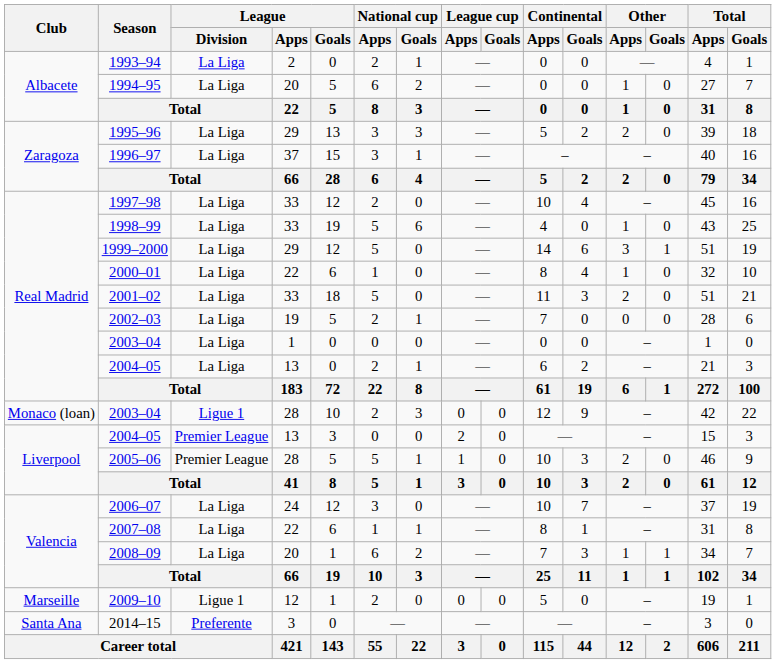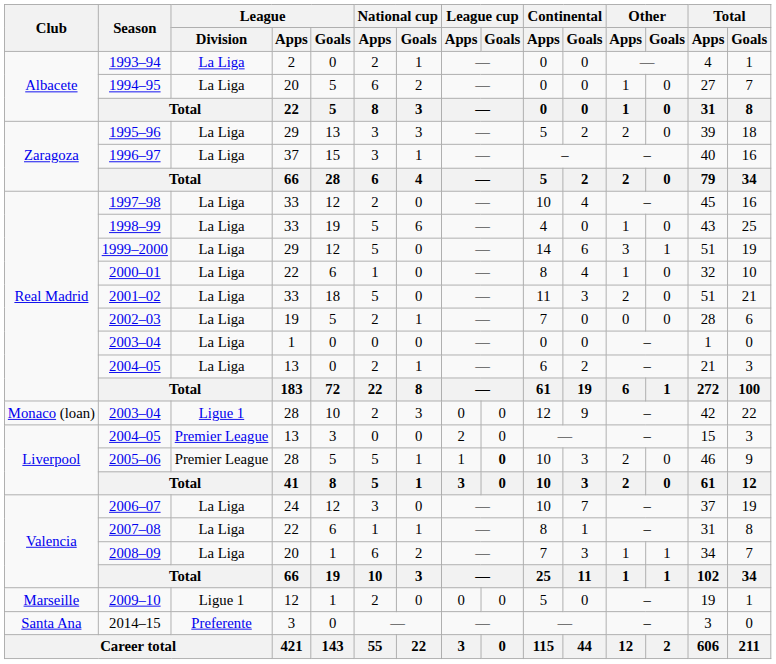 <table class="wikitable" style="text-align:center">
 <tr>
 <th rowspan="2">Club</th>
 <th rowspan="2">Season</th>
 <th colspan="3">League</th>
 <th colspan="2">National cup</th>
 <th colspan="2">League cup</th>
 <th colspan="2">Continental</th>
 <th colspan="2">Other</th>
 <th colspan="2">Total</th>
 </tr>
 <tr>
 <th>Division</th>
 <th>Apps</th>
 <th>Goals</th>
 <th>Apps</th>
 <th>Goals</th>
 <th>Apps</th>
 <th>Goals</th>
 <th>Apps</th>
 <th>Goals</th>
 <th>Apps</th>
 <th>Goals</th>
 <th>Apps</th>
 <th>Goals</th>
 </tr>
 <tr>
 <td rowspan="3"><a href='#'>Albacete</a></td>
 <td><a href='#'>1993–94</a></td>
 <td><a href='#'>La Liga</a></td>
 <td>2</td>
 <td>0</td>
 <td>2</td>
 <td>1</td>
 <td colspan="2">—</td>
 <td>0</td>
 <td>0</td>
 <td colspan="2">—</td>
 <td>4</td>
 <td>1</td>
 </tr>
 <tr>
 <td><a href='#'>1994–95</a></td>
 <td>La Liga</td>
 <td>20</td>
 <td>5</td>
 <td>6</td>
 <td>2</td>
 <td colspan="2">—</td>
 <td>0</td>
 <td>0</td>
 <td>1</td>
 <td>0</td>
 <td>27</td>
 <td>7</td>
 </tr>
 <tr>
 <th colspan="2">Total</th>
 <th>22</th>
 <th>5</th>
 <th>8</th>
 <th>3</th>
 <th colspan="2">—</th>
 <th>0</th>
 <th>0</th>
 <th>1</th>
 <th>0</th>
 <th>31</th>
 <th>8</th>
 </tr>
 <tr>
 <td rowspan="3"><a href='#'>Zaragoza</a></td>
 <td><a href='#'>1995–96</a></td>
 <td>La Liga</td>
 <td>29</td>
 <td>13</td>
 <td>3</td>
 <td>3</td>
 <td colspan="2">—</td>
 <td>5</td>
 <td>2</td>
 <td>2</td>
 <td>0</td>
 <td>39</td>
 <td>18</td>
 </tr>
 <tr>
 <td><a href='#'>1996–97</a></td>
 <td>La Liga</td>
 <td>37</td>
 <td>15</td>
 <td>3</td>
 <td>1</td>
 <td colspan="2">—</td>
 <td colspan="2">–</td>
 <td colspan="2">–</td>
 <td>40</td>
 <td>16</td>
 </tr>
 <tr>
 <th colspan="2">Total</th>
 <th>66</th>
 <th>28</th>
 <th>6</th>
 <th>4</th>
 <th colspan="2">—</th>
 <th>5</th>
 <th>2</th>
 <th>2</th>
 <th>0</th>
 <th>79</th>
 <th>34</th>
 </tr>
 <tr>
 <td rowspan="9"><a href='#'>Real Madrid</a></td>
 <td><a href='#'>1997–98</a></td>
 <td>La Liga</td>
 <td>33</td>
 <td>12</td>
 <td>2</td>
 <td>0</td>
 <td colspan="2">—</td>
 <td>10</td>
 <td>4</td>
 <td colspan="2">–</td>
 <td>45</td>
 <td>16</td>
 </tr>
 <tr>
 <td><a href='#'>1998–99</a></td>
 <td>La Liga</td>
 <td>33</td>
 <td>19</td>
 <td>5</td>
 <td>6</td>
 <td colspan="2">—</td>
 <td>4</td>
 <td>0</td>
 <td>1</td>
 <td>0</td>
 <td>43</td>
 <td>25</td>
 </tr>
 <tr>
 <td><a href='#'>1999–2000</a></td>
 <td>La Liga</td>
 <td>29</td>
 <td>12</td>
 <td>5</td>
 <td>0</td>
 <td colspan="2">—</td>
 <td>14</td>
 <td>6</td>
 <td>3</td>
 <td>1</td>
 <td>51</td>
 <td>19</td>
 </tr>
 <tr>
 <td><a href='#'>2000–01</a></td>
 <td>La Liga</td>
 <td>22</td>
 <td>6</td>
 <td>1</td>
 <td>0</td>
 <td colspan="2">—</td>
 <td>8</td>
 <td>4</td>
 <td>1</td>
 <td>0</td>
 <td>32</td>
 <td>10</td>
 </tr>
 <tr>
 <td><a href='#'>2001–02</a></td>
 <td>La Liga</td>
 <td>33</td>
 <td>18</td>
 <td>5</td>
 <td>0</td>
 <td colspan="2">—</td>
 <td>11</td>
 <td>3</td>
 <td>2</td>
 <td>0</td>
 <td>51</td>
 <td>21</td>
 </tr>
 <tr>
 <td><a href='#'>2002–03</a></td>
 <td>La Liga</td>
 <td>19</td>
 <td>5</td>
 <td>2</td>
 <td>1</td>
 <td colspan="2">—</td>
 <td>7</td>
 <td>0</td>
 <td>0</td>
 <td>0</td>
 <td>28</td>
 <td>6</td>
 </tr>
 <tr>
 <td><a href='#'>2003–04</a></td>
 <td>La Liga</td>
 <td>1</td>
 <td>0</td>
 <td>0</td>
 <td>0</td>
 <td colspan="2">—</td>
 <td>0</td>
 <td>0</td>
 <td colspan="2">–</td>
 <td>1</td>
 <td>0</td>
 </tr>
 <tr>
 <td><a href='#'>2004–05</a></td>
 <td>La Liga</td>
 <td>13</td>
 <td>0</td>
 <td>2</td>
 <td>1</td>
 <td colspan="2">—</td>
 <td>6</td>
 <td>2</td>
 <td colspan="2">–</td>
 <td>21</td>
 <td>3</td>
 </tr>
 <tr>
 <th colspan="2">Total</th>
 <th>183</th>
 <th>72</th>
 <th>22</th>
 <th>8</th>
 <th colspan="2">—</th>
 <th>61</th>
 <th>19</th>
 <th>6</th>
 <th>1</th>
 <th>272</th>
 <th>100</th>
 </tr>
 <tr>
 <td><a href='#'>Monaco</a> (loan)</td>
 <td><a href='#'>2003–04</a></td>
 <td><a href='#'>Ligue 1</a></td>
 <td>28</td>
 <td>10</td>
 <td>2</td>
 <td>3</td>
 <td>0</td>
 <td>0</td>
 <td>12</td>
 <td>9</td>
 <td colspan="2">–</td>
 <td>42</td>
 <td>22</td>
 </tr>
 <tr>
 <td rowspan="3"><a href='#'>Liverpool</a></td>
 <td><a href='#'>2004–05</a></td>
 <td><a href='#'>Premier League</a></td>
 <td>13</td>
 <td>3</td>
 <td>0</td>
 <td>0</td>
 <td>2</td>
 <td>0</td>
 <td colspan="2">—</td>
 <td colspan="2">–</td>
 <td>15</td>
 <td>3</td>
 </tr>
 <tr>
 <td><a href='#'>2005–06</a></td>
 <td>Premier League</td>
 <td>28</td>
 <td>5</td>
 <td>5</td>
 <td>1</td>
 <td>1</td>
-<td>0</td>
+<td><strong>0</strong></td>
 <td>10</td>
 <td>3</td>
 <td>2</td>
 <td>0</td>
 <td>46</td>
 <td>9</td>
 </tr>
 <tr>
 <th colspan="2">Total</th>
 <th>41</th>
 <th>8</th>
 <th>5</th>
 <th>1</th>
 <th>3</th>
 <th>0</th>
 <th>10</th>
 <th>3</th>
 <th>2</th>
 <th>0</th>
 <th>61</th>
 <th>12</th>
 </tr>
 <tr>
 <td rowspan="4"><a href='#'>Valencia</a></td>
 <td><a href='#'>2006–07</a></td>
 <td>La Liga</td>
 <td>24</td>
 <td>12</td>
 <td>3</td>
 <td>0</td>
 <td colspan="2">—</td>
 <td>10</td>
 <td>7</td>
 <td colspan="2">–</td>
 <td>37</td>
 <td>19</td>
 </tr>
 <tr>
 <td><a href='#'>2007–08</a></td>
 <td>La Liga</td>
 <td>22</td>
 <td>6</td>
 <td>1</td>
 <td>1</td>
 <td colspan="2">—</td>
 <td>8</td>
 <td>1</td>
 <td colspan="2">–</td>
 <td>31</td>
 <td>8</td>
 </tr>
 <tr>
 <td><a href='#'>2008–09</a></td>
 <td>La Liga</td>
 <td>20</td>
 <td>1</td>
 <td>6</td>
 <td>2</td>
 <td colspan="2">—</td>
 <td>7</td>
 <td>3</td>
 <td>1</td>
 <td>1</td>
 <td>34</td>
 <td>7</td>
 </tr>
 <tr>
 <th colspan="2">Total</th>
 <th>66</th>
 <th>19</th>
 <th>10</th>
 <th>3</th>
 <th colspan="2">—</th>
 <th>25</th>
 <th>11</th>
 <th>1</th>
 <th>1</th>
 <th>102</th>
 <th>34</th>
 </tr>
 <tr>
 <td><a href='#'>Marseille</a></td>
 <td><a href='#'>2009–10</a></td>
 <td>Ligue 1</td>
 <td>12</td>
 <td>1</td>
 <td>2</td>
 <td>0</td>
 <td>0</td>
 <td>0</td>
 <td>5</td>
 <td>0</td>
 <td colspan="2">–</td>
 <td>19</td>
 <td>1</td>
 </tr>
 <tr>
 <td><a href='#'>Santa Ana</a></td>
 <td>2014–15</td>
 <td><a href='#'>Preferente</a></td>
 <td>3</td>
 <td>0</td>
 <td colspan="2">—</td>
 <td colspan="2">—</td>
 <td colspan="2">—</td>
 <td colspan="2">–</td>
 <td>3</td>
 <td>0</td>
 </tr>
 <tr>
 <th colspan="3">Career total</th>
 <th>421</th>
 <th>143</th>
 <th>55</th>
 <th>22</th>
 <th>3</th>
 <th>0</th>
 <th>115</th>
 <th>44</th>
 <th>12</th>
 <th>2</th>
 <th>606</th>
 <th>211</th>
 </tr>
 </table>
